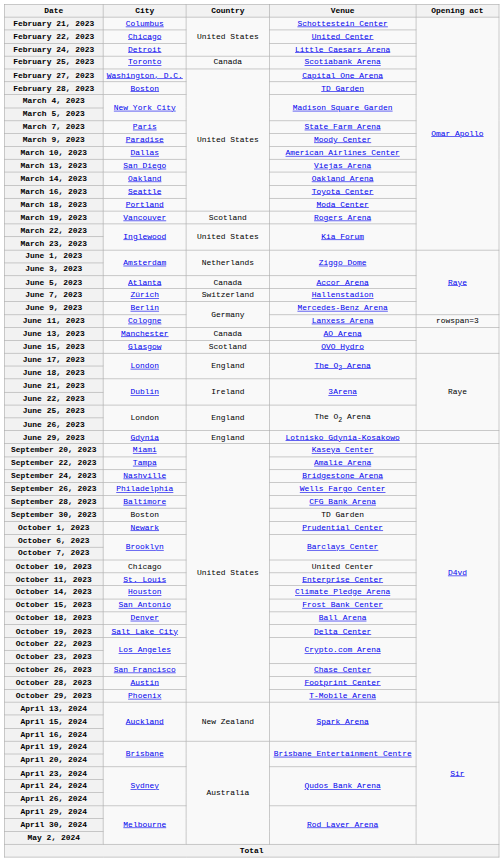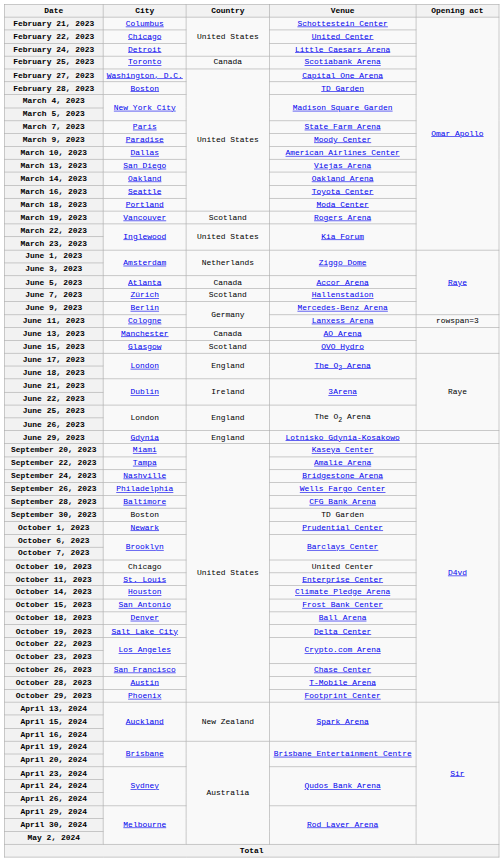 <table class="wikitable plainrowheaders" style="text-align:center;">
 <tr>
 <th scope="col" style="width:12em;">Date</th>
 <th scope="col" style="width:10em;">City</th>
 <th scope="col" style="width:10em;">Country</th>
 <th scope="col" style="width:18em;">Venue</th>
 <th scope="col" style="width:10em;">Opening act</th>
 </tr>
 <tr>
 <th scope="row">February 21, 2023</th>
 <td><a href='#'>Columbus</a></td>
 <td rowspan="3">United States</td>
 <td><a href='#'>Schottestein Center</a></td>
 <td rowspan="18"><a href='#'>Omar Apollo</a></td>
 </tr>
 <tr>
 <th scope="row">February 22, 2023</th>
 <td><a href='#'>Chicago</a></td>
 <td><a href='#'>United Center</a></td>
 </tr>
 <tr>
 <th scope="row">February 24, 2023</th>
 <td><a href='#'>Detroit</a></td>
 <td><a href='#'>Little Caesars Arena</a></td>
 </tr>
 <tr>
 <th scope="row">February 25, 2023</th>
 <td><a href='#'>Toronto</a></td>
 <td>Canada</td>
 <td><a href='#'>Scotiabank Arena</a></td>
 </tr>
 <tr>
 <th scope="row">February 27, 2023</th>
 <td><a href='#'>Washington, D.C.</a></td>
 <td rowspan="11">United States</td>
 <td><a href='#'>Capital One Arena</a></td>
 </tr>
 <tr>
 <th scope="row">February 28, 2023</th>
 <td><a href='#'>Boston</a></td>
 <td><a href='#'>TD Garden</a></td>
 </tr>
 <tr>
 <th scope="row">March 4, 2023</th>
 <td rowspan="2"><a href='#'>New York City</a></td>
 <td rowspan="2"><a href='#'>Madison Square Garden</a></td>
 </tr>
 <tr>
 <th scope="row">March 5, 2023</th>
 </tr>
 <tr>
 <th scope="row">March 7, 2023</th>
 <td><a href='#'>Paris</a></td>
 <td><a href='#'>State Farm Arena</a></td>
 </tr>
 <tr>
 <th scope="row">March 9, 2023</th>
 <td><a href='#'>Paradise</a></td>
 <td><a href='#'>Moody Center</a></td>
 </tr>
 <tr>
 <th scope="row">March 10, 2023</th>
 <td><a href='#'>Dallas</a></td>
 <td><a href='#'>American Airlines Center</a></td>
 </tr>
 <tr>
 <th scope="row">March 13, 2023</th>
 <td><a href='#'>San Diego</a></td>
 <td><a href='#'>Viejas Arena</a></td>
 </tr>
 <tr>
 <th scope="row">March 14, 2023</th>
 <td><a href='#'>Oakland</a></td>
 <td><a href='#'>Oakland Arena</a></td>
 </tr>
 <tr>
 <th scope="row">March 16, 2023</th>
 <td><a href='#'>Seattle</a></td>
 <td><a href='#'>Toyota Center</a></td>
 </tr>
 <tr>
 <th scope="row">March 18, 2023</th>
 <td><a href='#'>Portland</a></td>
 <td><a href='#'>Moda Center</a></td>
 </tr>
 <tr>
 <th scope="row">March 19, 2023</th>
 <td><a href='#'>Vancouver</a></td>
 <td>Scotland</td>
 <td><a href='#'>Rogers Arena</a></td>
 </tr>
 <tr>
 <th scope="row">March 22, 2023</th>
 <td rowspan="2"><a href='#'>Inglewood</a></td>
 <td rowspan="2">United States</td>
 <td rowspan="2"><a href='#'>Kia Forum</a></td>
 </tr>
 <tr>
 <th scope="row">March 23, 2023</th>
 </tr>
 <tr>
 <th scope="row">June 1, 2023</th>
 <td rowspan="2"><a href='#'>Amsterdam</a></td>
 <td rowspan="2">Netherlands</td>
 <td rowspan="2"><a href='#'>Ziggo Dome</a></td>
 <td rowspan="5"><a href='#'>Raye</a></td>
 </tr>
 <tr>
 <th scope="row">June 3, 2023</th>
 </tr>
 <tr>
 <th scope="row">June 5, 2023</th>
 <td><a href='#'>Atlanta</a></td>
 <td>Canada</td>
 <td><a href='#'>Accor Arena</a></td>
 </tr>
 <tr>
 <th scope="row">June 7, 2023</th>
 <td><a href='#'>Zürich</a></td>
-<td>Switzerland</td>
+<td>Scotland</td>
 <td><a href='#'>Hallenstadion</a></td>
 </tr>
 <tr>
 <th scope="row">June 9, 2023</th>
 <td><a href='#'>Berlin</a></td>
 <td rowspan="2">Germany</td>
 <td><a href='#'>Mercedes-Benz Arena</a></td>
 </tr>
 <tr>
 <th scope="row">June 11, 2023</th>
 <td><a href='#'>Cologne</a></td>
 <td><a href='#'>Lanxess Arena</a></td>
 <td>rowspan=3 </td>
 </tr>
 <tr>
 <th scope="row">June 13, 2023</th>
 <td><a href='#'>Manchester</a></td>
 <td>Canada</td>
 <td><a href='#'>AO Arena</a></td>
 </tr>
 <tr>
 <th scope="row">June 15, 2023</th>
 <td><a href='#'>Glasgow</a></td>
 <td>Scotland</td>
 <td><a href='#'>OVO Hydro</a></td>
 </tr>
 <tr>
 <th scope="row">June 17, 2023</th>
 <td rowspan="2"><a href='#'>London</a></td>
 <td rowspan="2">England</td>
 <td rowspan="2"><a href='#'>The O<sub>2</sub> Arena</a></td>
 <td rowspan="6">Raye</td>
 </tr>
 <tr>
 <th scope="row">June 18, 2023</th>
 </tr>
 <tr>
 <th scope="row">June 21, 2023</th>
 <td rowspan="2"><a href='#'>Dublin</a></td>
 <td rowspan="2">Ireland</td>
 <td rowspan="2"><a href='#'>3Arena</a></td>
 </tr>
 <tr>
 <th scope="row">June 22, 2023</th>
 </tr>
 <tr>
 <th scope="row">June 25, 2023</th>
 <td rowspan="2">London</td>
 <td rowspan="2">England</td>
 <td rowspan="2">The O<sub>2</sub> Arena</td>
 </tr>
 <tr>
 <th scope="row">June 26, 2023</th>
 </tr>
 <tr>
 <th scope="row">June 29, 2023</th>
 <td><a href='#'>Gdynia</a></td>
 <td>England</td>
 <td><a href='#'>Lotnisko Gdynia-Kosakowo</a></td>
 <td></td>
 </tr>
 <tr>
 <th scope="row">September 20, 2023</th>
 <td><a href='#'>Miami</a></td>
 <td rowspan="20">United States</td>
 <td><a href='#'>Kaseya Center</a></td>
 <td rowspan="20"><a href='#'>D4vd</a></td>
 </tr>
 <tr>
 <th scope="row">September 22, 2023</th>
 <td><a href='#'>Tampa</a></td>
 <td><a href='#'>Amalie Arena</a></td>
 </tr>
 <tr>
 <th scope="row">September 24, 2023</th>
 <td><a href='#'>Nashville</a></td>
 <td><a href='#'>Bridgestone Arena</a></td>
 </tr>
 <tr>
 <th scope="row">September 26, 2023</th>
 <td><a href='#'>Philadelphia</a></td>
 <td><a href='#'>Wells Fargo Center</a></td>
 </tr>
 <tr>
 <th scope="row">September 28, 2023</th>
 <td><a href='#'>Baltimore</a></td>
 <td><a href='#'>CFG Bank Arena</a></td>
 </tr>
 <tr>
 <th scope="row">September 30, 2023</th>
 <td>Boston</td>
 <td>TD Garden</td>
 </tr>
 <tr>
 <th scope="row">October 1, 2023</th>
 <td><a href='#'>Newark</a></td>
 <td><a href='#'>Prudential Center</a></td>
 </tr>
 <tr>
 <th scope="row">October 6, 2023</th>
 <td rowspan="2"><a href='#'>Brooklyn</a></td>
 <td rowspan="2"><a href='#'>Barclays Center</a></td>
 </tr>
 <tr>
 <th scope="row">October 7, 2023</th>
 </tr>
 <tr>
 <th scope="row">October 10, 2023</th>
 <td>Chicago</td>
 <td>United Center</td>
 </tr>
 <tr>
 <th scope="row">October 11, 2023</th>
 <td><a href='#'>St. Louis</a></td>
 <td><a href='#'>Enterprise Center</a></td>
 </tr>
 <tr>
 <th scope="row">October 14, 2023</th>
 <td><a href='#'>Houston</a></td>
 <td><a href='#'>Climate Pledge Arena</a></td>
 </tr>
 <tr>
 <th scope="row">October 15, 2023</th>
 <td><a href='#'>San Antonio</a></td>
 <td><a href='#'>Frost Bank Center</a></td>
 </tr>
 <tr>
 <th scope="row">October 18, 2023</th>
 <td><a href='#'>Denver</a></td>
 <td><a href='#'>Ball Arena</a></td>
 </tr>
 <tr>
 <th scope="row">October 19, 2023</th>
 <td><a href='#'>Salt Lake City</a></td>
 <td><a href='#'>Delta Center</a></td>
 </tr>
 <tr>
 <th scope="row">October 22, 2023</th>
 <td rowspan="2"><a href='#'>Los Angeles</a></td>
 <td rowspan="2"><a href='#'>Crypto.com Arena</a></td>
 </tr>
 <tr>
 <th scope="row">October 23, 2023</th>
 </tr>
 <tr>
 <th scope="row">October 26, 2023</th>
 <td><a href='#'>San Francisco</a></td>
 <td><a href='#'>Chase Center</a></td>
 </tr>
 <tr>
 <th scope="row">October 28, 2023</th>
 <td><a href='#'>Austin</a></td>
-<td><a href='#'>Footprint Center</a></td>
+<td><a href='#'>T-Mobile Arena</a></td>
 </tr>
 <tr>
 <th scope="row">October 29, 2023</th>
 <td><a href='#'>Phoenix</a></td>
-<td><a href='#'>T-Mobile Arena</a></td>
+<td><a href='#'>Footprint Center</a></td>
 </tr>
 <tr>
 <th scope="row">April 13, 2024</th>
 <td rowspan="3"><a href='#'>Auckland</a></td>
 <td rowspan="3">New Zealand</td>
 <td rowspan="3"><a href='#'>Spark Arena</a></td>
 <td rowspan="11"><a href='#'>Sir</a></td>
 </tr>
 <tr>
 <th scope="row">April 15, 2024</th>
 </tr>
 <tr>
 <th scope="row">April 16, 2024</th>
 </tr>
 <tr>
 <th scope="row">April 19, 2024</th>
 <td rowspan="2"><a href='#'>Brisbane</a></td>
 <td rowspan="8">Australia</td>
 <td rowspan="2"><a href='#'>Brisbane Entertainment Centre</a></td>
 </tr>
 <tr>
 <th scope="row">April 20, 2024</th>
 </tr>
 <tr>
 <th scope="row">April 23, 2024</th>
 <td rowspan="3"><a href='#'>Sydney</a></td>
 <td rowspan="3"><a href='#'>Qudos Bank Arena</a></td>
 </tr>
 <tr>
 <th scope="row">April 24, 2024</th>
 </tr>
 <tr>
 <th scope="row">April 26, 2024</th>
 </tr>
 <tr>
 <th scope="row">April 29, 2024</th>
 <td rowspan="3"><a href='#'>Melbourne</a></td>
 <td rowspan="3"><a href='#'>Rod Laver Arena</a></td>
 </tr>
 <tr>
 <th scope="row">April 30, 2024</th>
 </tr>
 <tr>
 <th scope="row">May 2, 2024</th>
 </tr>
 <tr>
 <th colspan="5">Total</th>
 </tr>
 </table>
